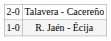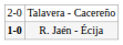 <table class="wikitable">
 <tr align=center bgcolor=white>
 <td>2-0</td>
 <td>Talavera - Cacereño</td>
 </tr>
 <tr align=center bgcolor=#F5F5F5>
-<td>1-0</td>
+<td><strong>1-0</strong></td>
 <td>R. Jaén - Écija</td>
 </tr>
 </table>
